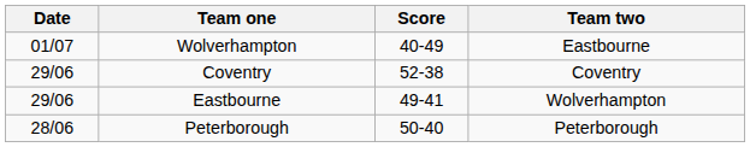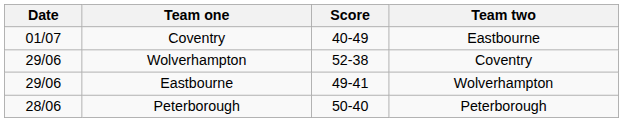 <table class="wikitable" style="text-align: center">
 <tr>
 <th width=80>Date</th>
 <th width=250>Team one</th>
 <th width=80>Score</th>
 <th width=250>Team two</th>
 </tr>
 <tr>
 <td>01/07</td>
-<td>Wolverhampton</td>
+<td>Coventry</td>
 <td>40-49</td>
 <td>Eastbourne</td>
 </tr>
 <tr>
 <td>29/06</td>
-<td>Coventry</td>
+<td>Wolverhampton</td>
 <td>52-38</td>
 <td>Coventry</td>
 </tr>
 <tr>
 <td>29/06</td>
 <td>Eastbourne</td>
 <td>49-41</td>
 <td>Wolverhampton</td>
 </tr>
 <tr>
 <td>28/06</td>
 <td>Peterborough</td>
 <td>50-40</td>
 <td>Peterborough</td>
 </tr>
 </table>
